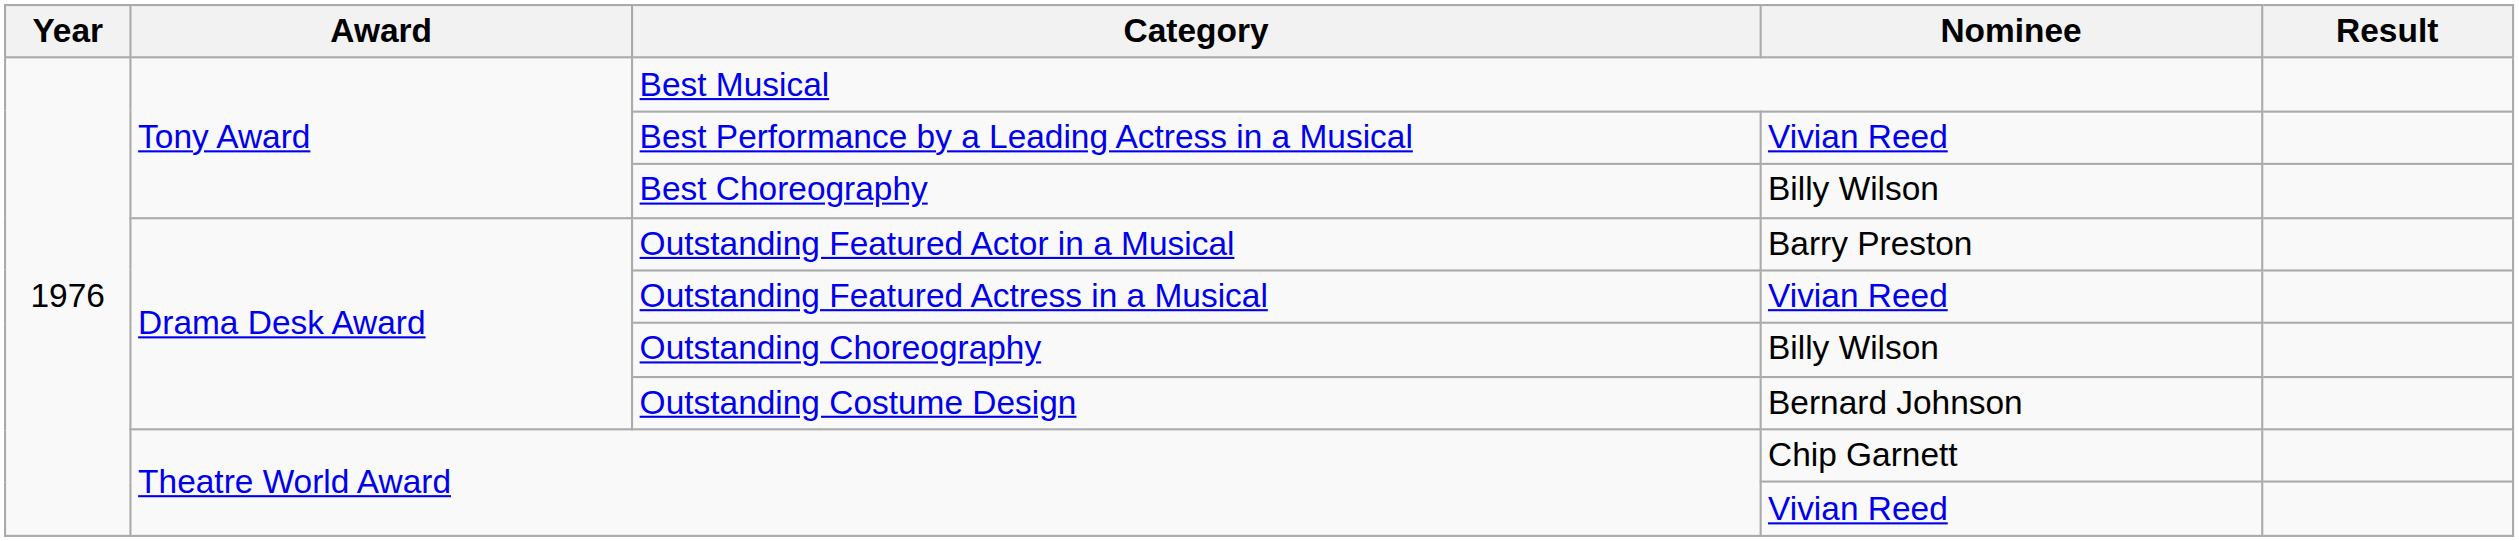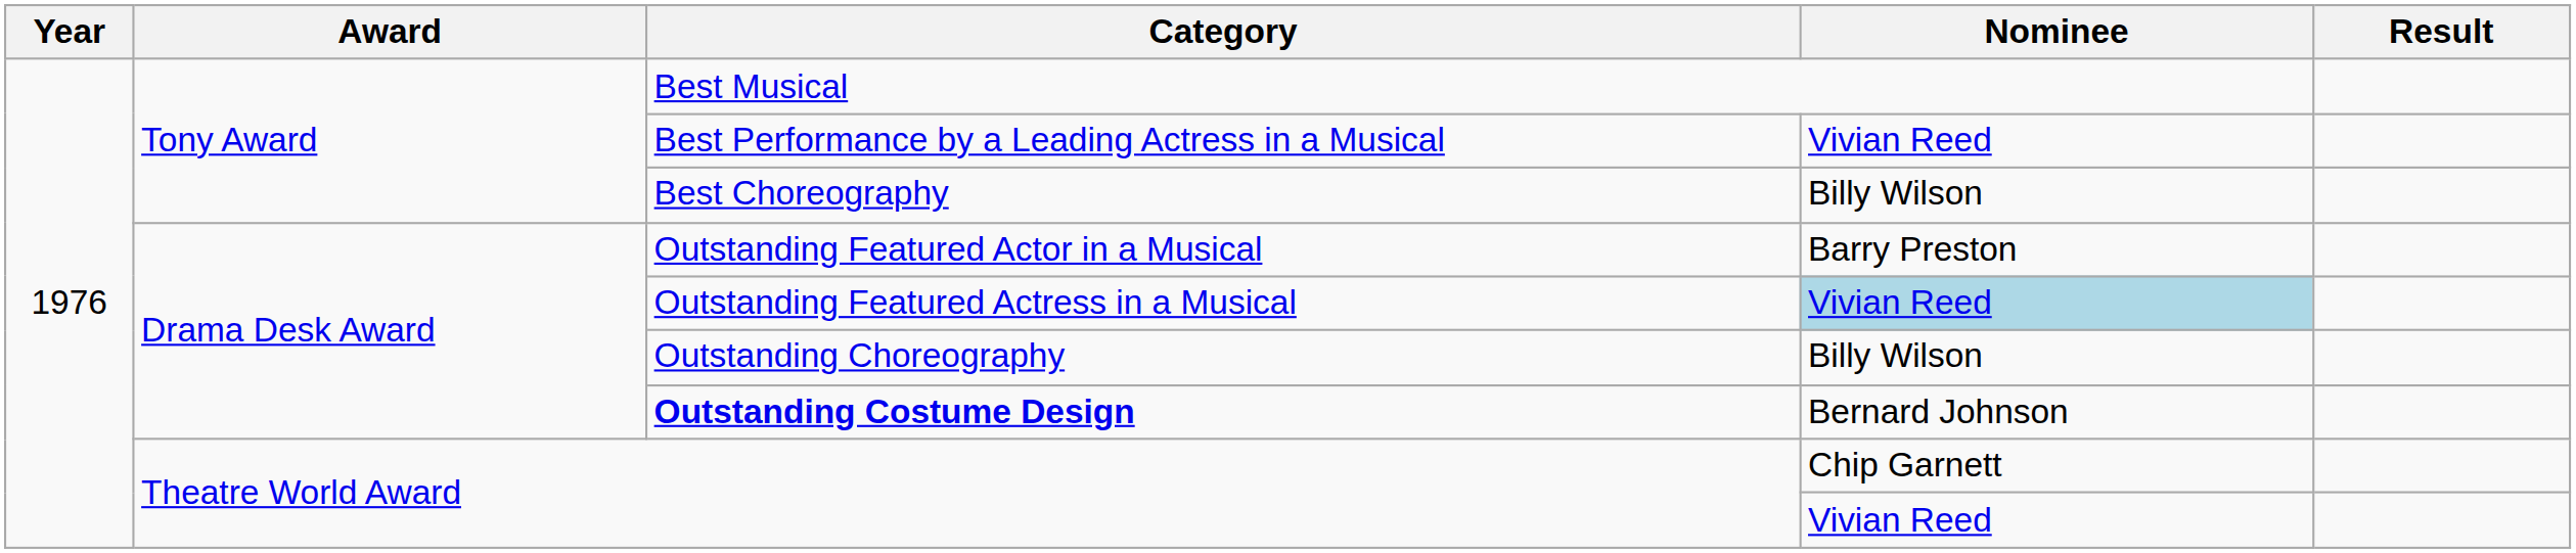 <table class="wikitable" width="95%">
 <tr>
 <th width="5%">Year</th>
 <th width="20%">Award</th>
 <th width="45%">Category</th>
 <th width="20%">Nominee</th>
 <th width="10%">Result</th>
 </tr>
 <tr>
 <td rowspan="9" align="center">1976</td>
 <td rowspan="3"><a href='#'>Tony Award</a></td>
 <td colspan="2"><a href='#'>Best Musical</a></td>
 <td></td>
 </tr>
 <tr>
 <td><a href='#'>Best Performance by a Leading Actress in a Musical</a></td>
 <td><a href='#'>Vivian Reed</a></td>
 <td></td>
 </tr>
 <tr>
 <td><a href='#'>Best Choreography</a></td>
 <td>Billy Wilson</td>
 <td></td>
 </tr>
 <tr>
 <td rowspan="4"><a href='#'>Drama Desk Award</a></td>
 <td><a href='#'>Outstanding Featured Actor in a Musical</a></td>
 <td>Barry Preston</td>
 <td></td>
 </tr>
 <tr>
 <td><a href='#'>Outstanding Featured Actress in a Musical</a></td>
-<td><a href='#'>Vivian Reed</a></td>
+<td style="background: lightblue;"><a href='#'>Vivian Reed</a></td>
 <td></td>
 </tr>
 <tr>
 <td><a href='#'>Outstanding Choreography</a></td>
 <td>Billy Wilson</td>
 <td></td>
 </tr>
 <tr>
-<td><a href='#'>Outstanding Costume Design</a></td>
+<td><strong><a href='#'>Outstanding Costume Design</a></strong></td>
 <td>Bernard Johnson</td>
 <td></td>
 </tr>
 <tr>
 <td rowspan="2" colspan="2"><a href='#'>Theatre World Award</a></td>
 <td>Chip Garnett</td>
 <td></td>
 </tr>
 <tr>
 <td><a href='#'>Vivian Reed</a></td>
 <td></td>
 </tr>
 </table>
